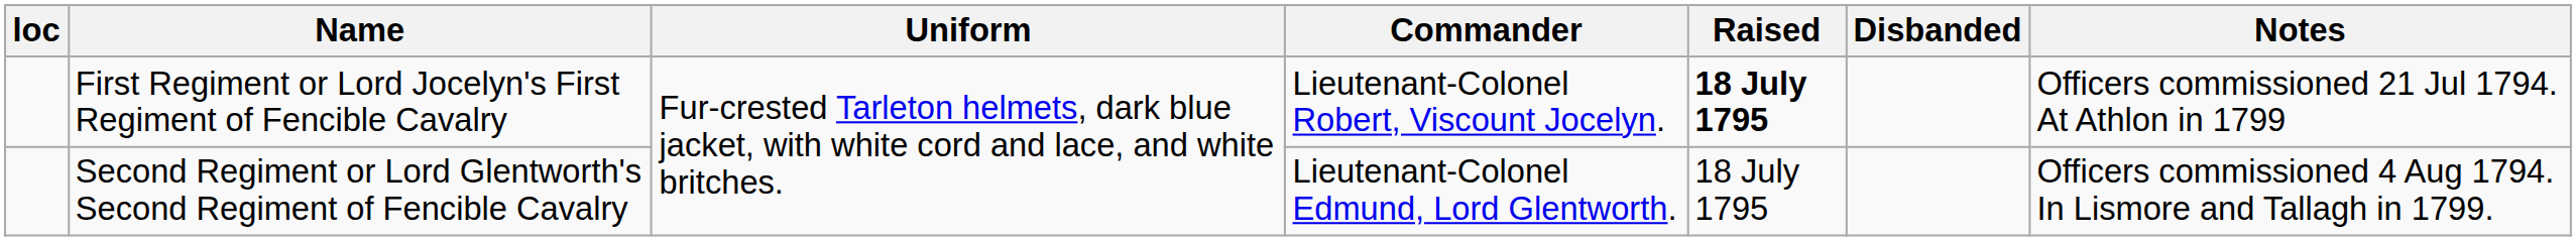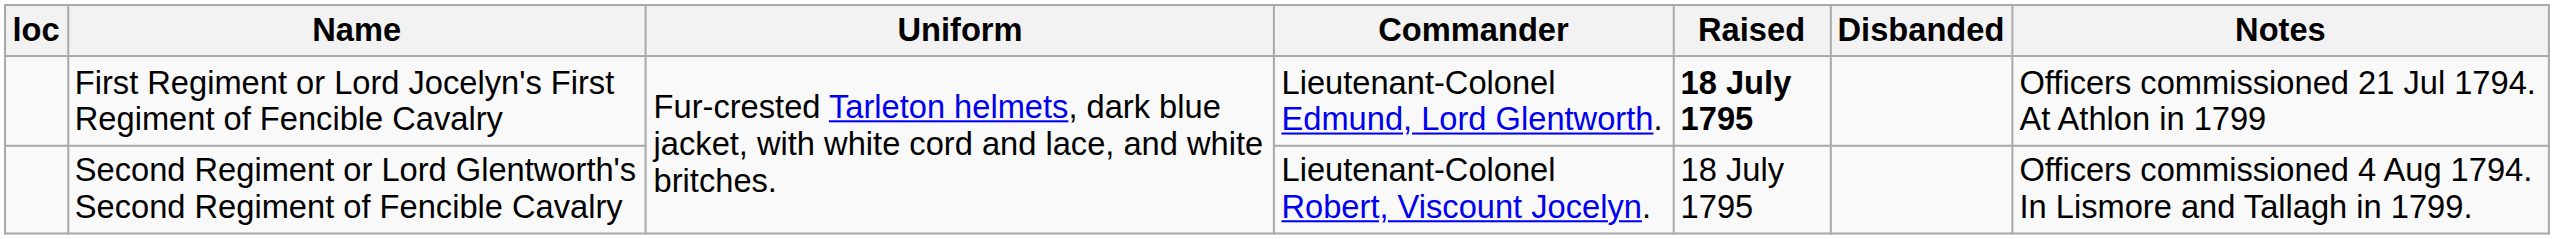 <table class="wikitable">
 <tr>
 <th>loc</th>
 <th>Name</th>
 <th>Uniform</th>
 <th>Commander</th>
 <th>Raised</th>
 <th>Disbanded</th>
 <th>Notes</th>
 </tr>
 <tr>
 <td></td>
 <td>First Regiment or Lord Jocelyn's First Regiment of Fencible Cavalry </td>
 <td rowspan="2">Fur-crested <a href='#'>Tarleton helmets</a>, dark blue jacket, with white cord and lace, and white britches.</td>
-<td>Lieutenant-Colonel <a href='#'>Robert, Viscount Jocelyn</a>.</td>
+<td>Lieutenant-Colonel <a href='#'>Edmund, Lord Glentworth</a>.</td>
 <td><strong>18 July 1795</strong></td>
 <td></td>
 <td>Officers commissioned 21 Jul 1794. At Athlon in 1799</td>
 </tr>
 <tr>
 <td></td>
 <td>Second Regiment or Lord Glentworth's Second Regiment of Fencible Cavalry </td>
-<td>Lieutenant-Colonel <a href='#'>Edmund, Lord Glentworth</a>.</td>
+<td>Lieutenant-Colonel <a href='#'>Robert, Viscount Jocelyn</a>.</td>
 <td>18 July 1795</td>
 <td></td>
 <td>Officers commissioned 4 Aug 1794. In Lismore and Tallagh in 1799.</td>
 </tr>
 </table>
